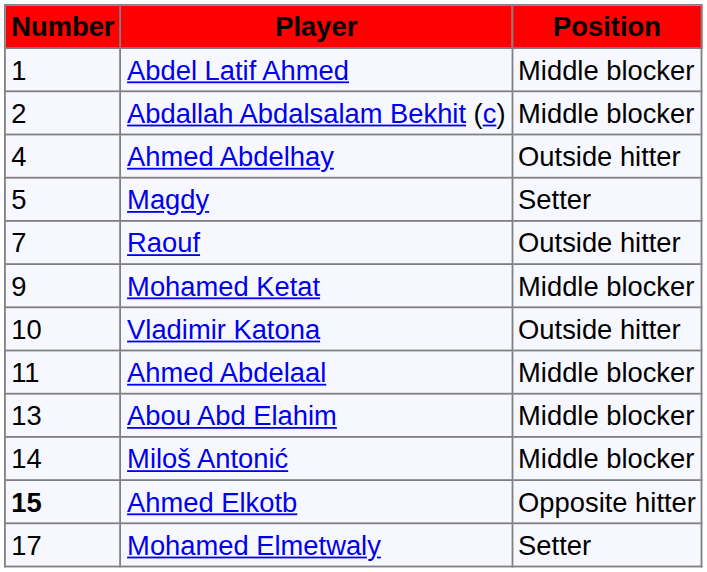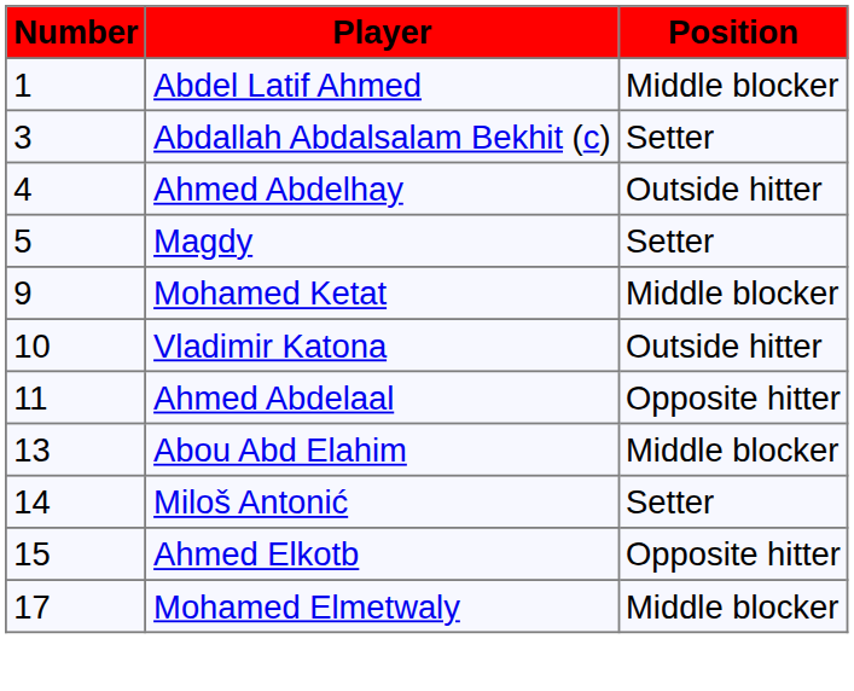 <table bgcolor="#f7f8ff" cellpadding="3" cellspacing="0" border="1" style="font-size: 95%; border: gray solid 1px; border-collapse: collapse;">
 <tr bgcolor="#ff0000">
 <td align=center><strong>Number</strong></td>
 <td align=center><strong>Player</strong></td>
 <td align=center><strong>Position</strong></td>
 </tr>
 <tr align="left">
 <td>1</td>
 <td> <a href='#'>Abdel Latif Ahmed</a></td>
 <td>Middle blocker</td>
 </tr>
 <tr align=left>
-<td>2</td>
+<td>3</td>
 <td> <a href='#'>Abdallah Abdalsalam Bekhit</a> (<a href='#'>c</a>)</td>
-<td>Middle blocker</td>
+<td>Setter</td>
 </tr>
 <tr align="left">
 <td>4</td>
 <td> <a href='#'>Ahmed Abdelhay</a></td>
 <td>Outside hitter</td>
 </tr>
 <tr align="left">
 <td>5</td>
 <td> <a href='#'>Magdy</a></td>
 <td>Setter</td>
-</tr>
-<tr align="left">
-<td>7</td>
-<td> <a href='#'>Raouf</a></td>
-<td>Outside hitter</td>
 </tr>
 <tr align="left">
 <td>9</td>
 <td> <a href='#'>Mohamed Ketat</a></td>
 <td>Middle blocker</td>
 </tr>
 <tr align="left">
 <td>10</td>
 <td> <a href='#'>Vladimir Katona</a></td>
 <td>Outside hitter</td>
 </tr>
 <tr align="left">
 <td>11</td>
 <td> <a href='#'>Ahmed Abdelaal</a></td>
-<td>Middle blocker</td>
+<td>Opposite hitter</td>
 </tr>
 <tr align="left">
 <td>13</td>
 <td> <a href='#'>Abou Abd Elahim</a></td>
 <td>Middle blocker</td>
 </tr>
 <tr align="left">
 <td>14</td>
 <td> <a href='#'>Miloš Antonić</a></td>
-<td>Middle blocker</td>
+<td>Setter</td>
 </tr>
 <tr align="left">
-<td><strong>15</strong></td>
+<td>15</td>
 <td> <a href='#'>Ahmed Elkotb</a></td>
 <td>Opposite hitter</td>
 </tr>
 <tr align="left">
 <td>17</td>
 <td> <a href='#'>Mohamed Elmetwaly</a></td>
-<td>Setter</td>
+<td>Middle blocker</td>
 </tr>
 </table>
